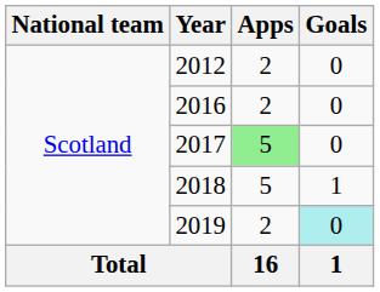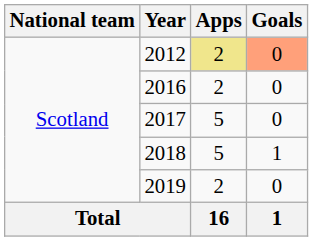 <table class=wikitable style="text-align: center;">
 <tr>
 <th>National team</th>
 <th>Year</th>
 <th>Apps</th>
 <th>Goals</th>
 </tr>
 <tr>
 <td rowspan=5><a href='#'>Scotland</a></td>
 <td>2012</td>
-<td>2</td>
-<td>0</td>
+<td style="background: khaki;">2</td>
+<td style="background: lightsalmon;">0</td>
 </tr>
 <tr>
 <td>2016</td>
 <td>2</td>
 <td>0</td>
 </tr>
 <tr>
 <td>2017</td>
-<td style="background: lightgreen;">5</td>
+<td>5</td>
 <td>0</td>
 </tr>
 <tr>
 <td>2018</td>
 <td>5</td>
 <td>1</td>
 </tr>
 <tr>
 <td>2019</td>
 <td>2</td>
-<td style="background: paleturquoise;">0</td>
+<td>0</td>
 </tr>
 <tr>
 <th colspan=2>Total</th>
 <th>16</th>
 <th>1</th>
 </tr>
 </table>
